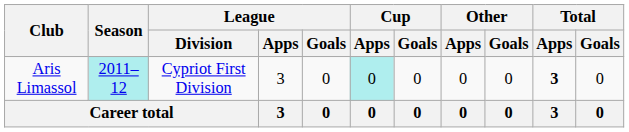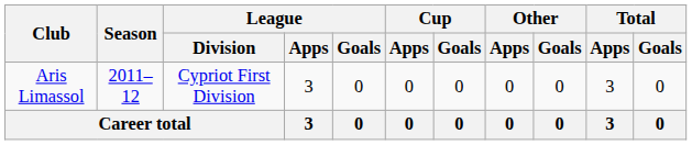 <table class="wikitable" style="text-align: center">
 <tr>
 <th rowspan="2">Club</th>
 <th rowspan="2">Season</th>
 <th colspan="3">League</th>
 <th colspan="2">Cup</th>
 <th colspan="2">Other</th>
 <th colspan="2">Total</th>
 </tr>
 <tr>
 <th>Division</th>
 <th>Apps</th>
 <th>Goals</th>
 <th>Apps</th>
 <th>Goals</th>
 <th>Apps</th>
 <th>Goals</th>
 <th>Apps</th>
 <th>Goals</th>
 </tr>
 <tr>
 <td><a href='#'>Aris Limassol</a></td>
-<td style="background: paleturquoise;"><a href='#'>2011–12</a></td>
+<td><a href='#'>2011–12</a></td>
 <td><a href='#'>Cypriot First Division</a></td>
 <td>3</td>
 <td>0</td>
-<td style="background: paleturquoise;">0</td>
 <td>0</td>
 <td>0</td>
 <td>0</td>
-<td><strong>3</strong></td>
+<td>0</td>
+<td>3</td>
 <td>0</td>
 </tr>
 <tr>
 <th colspan="3"><strong>Career total</strong></th>
 <th>3</th>
 <th>0</th>
 <th>0</th>
 <th>0</th>
 <th>0</th>
 <th>0</th>
 <th>3</th>
 <th>0</th>
 </tr>
 </table>
